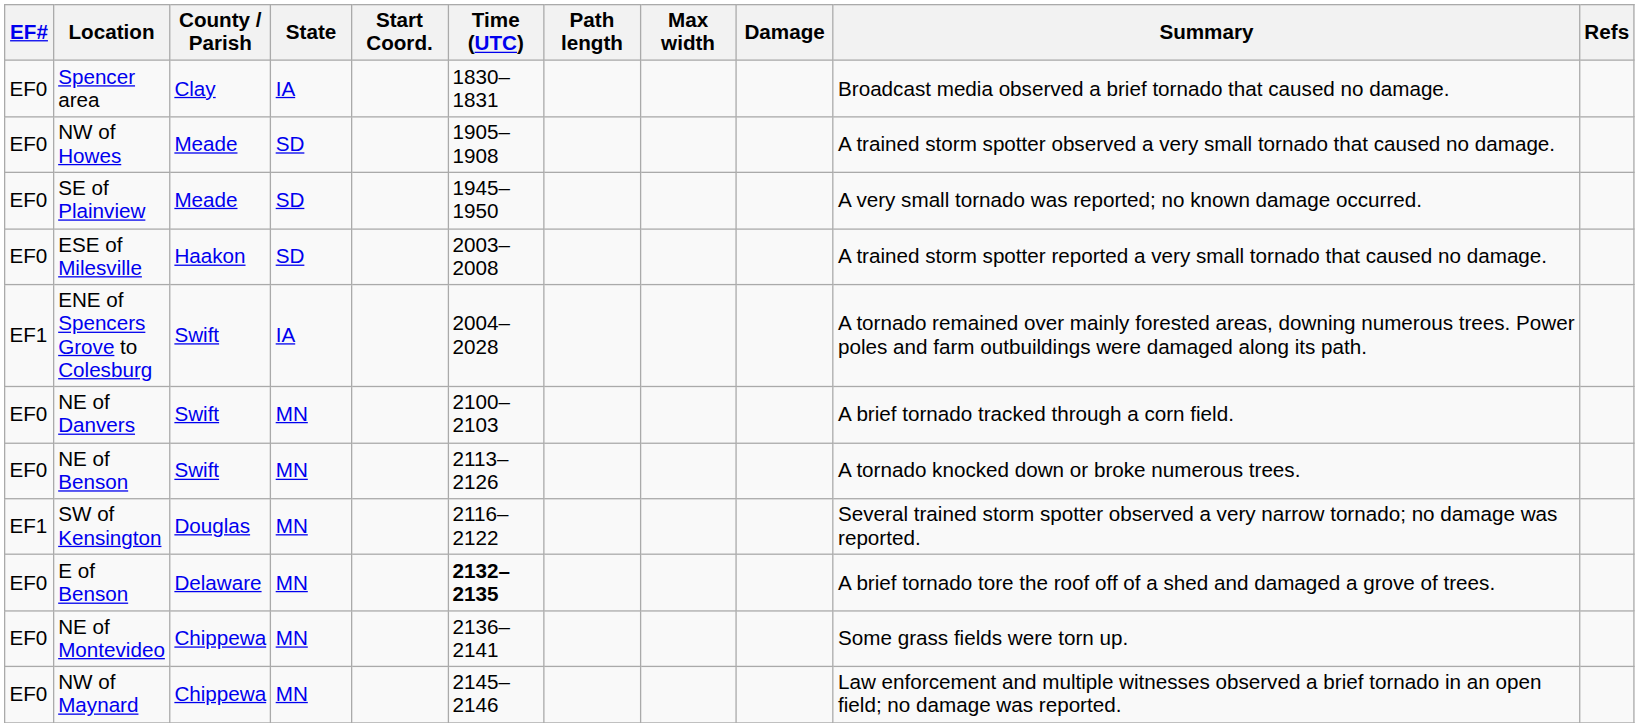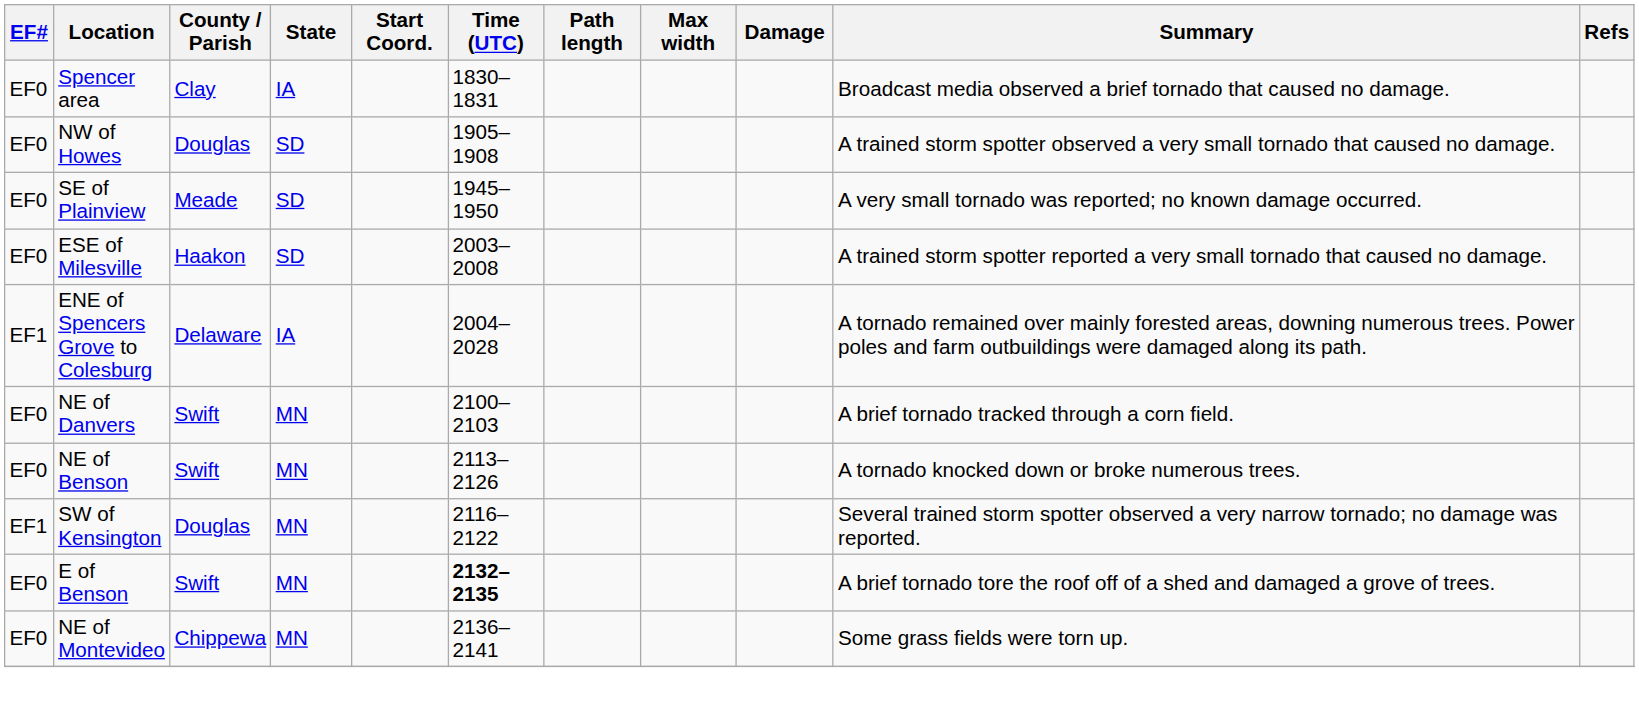 <table class="wikitable sortable" style="width:100%;">
 <tr>
 <th scope="col" width="3%" align="center"><a href='#'>EF#</a></th>
 <th scope="col" width="7%" align="center" class="unsortable">Location</th>
 <th scope="col" width="6%" align="center" class="unsortable">County / Parish</th>
 <th scope="col" width="5%" align="center">State</th>
 <th scope="col" width="6%" align="center">Start Coord.</th>
 <th scope="col" width="6%" align="center">Time (<a href='#'>UTC</a>)</th>
 <th scope="col" width="6%" align="center">Path length</th>
 <th scope="col" width="6%" align="center">Max width</th>
 <th scope="col" width="6%" align="center">Damage</th>
 <th scope="col" width="48%" class="unsortable" align="center">Summary</th>
 <th scope="col" width="48%" class="unsortable" align="center">Refs</th>
 </tr>
 <tr>
 <td>EF0</td>
 <td><a href='#'>Spencer</a> area</td>
 <td><a href='#'>Clay</a></td>
 <td><a href='#'>IA</a></td>
 <td></td>
 <td>1830–1831</td>
 <td></td>
 <td></td>
 <td></td>
 <td>Broadcast media observed a brief tornado that caused no damage.</td>
 <td></td>
 </tr>
 <tr>
 <td>EF0</td>
 <td>NW of <a href='#'>Howes</a></td>
-<td><a href='#'>Meade</a></td>
+<td><a href='#'>Douglas</a></td>
 <td><a href='#'>SD</a></td>
 <td></td>
 <td>1905–1908</td>
 <td></td>
 <td></td>
 <td></td>
 <td>A trained storm spotter observed a very small tornado that caused no damage.</td>
 <td></td>
 </tr>
 <tr>
 <td>EF0</td>
 <td>SE of <a href='#'>Plainview</a></td>
 <td><a href='#'>Meade</a></td>
 <td><a href='#'>SD</a></td>
 <td></td>
 <td>1945–1950</td>
 <td></td>
 <td></td>
 <td></td>
 <td>A very small tornado was reported; no known damage occurred.</td>
 <td></td>
 </tr>
 <tr>
 <td>EF0</td>
 <td>ESE of <a href='#'>Milesville</a></td>
 <td><a href='#'>Haakon</a></td>
 <td><a href='#'>SD</a></td>
 <td></td>
 <td>2003–2008</td>
 <td></td>
 <td></td>
 <td></td>
 <td>A trained storm spotter reported a very small tornado that caused no damage.</td>
 <td></td>
 </tr>
 <tr>
 <td>EF1</td>
 <td>ENE of <a href='#'>Spencers Grove</a> to <a href='#'>Colesburg</a></td>
-<td><a href='#'>Swift</a></td>
+<td><a href='#'>Delaware</a></td>
 <td><a href='#'>IA</a></td>
 <td></td>
 <td>2004–2028</td>
 <td></td>
 <td></td>
 <td></td>
 <td>A tornado remained over mainly forested areas, downing numerous trees. Power poles and farm outbuildings were damaged along its path.</td>
 <td></td>
 </tr>
 <tr>
 <td>EF0</td>
 <td>NE of <a href='#'>Danvers</a></td>
 <td><a href='#'>Swift</a></td>
 <td><a href='#'>MN</a></td>
 <td></td>
 <td>2100–2103</td>
 <td></td>
 <td></td>
 <td></td>
 <td>A brief tornado tracked through a corn field.</td>
 <td></td>
 </tr>
 <tr>
 <td>EF0</td>
 <td>NE of <a href='#'>Benson</a></td>
 <td><a href='#'>Swift</a></td>
 <td><a href='#'>MN</a></td>
 <td></td>
 <td>2113–2126</td>
 <td></td>
 <td></td>
 <td></td>
 <td>A tornado knocked down or broke numerous trees.</td>
 <td></td>
 </tr>
 <tr>
 <td>EF1</td>
 <td>SW of <a href='#'>Kensington</a></td>
 <td><a href='#'>Douglas</a></td>
 <td><a href='#'>MN</a></td>
 <td></td>
 <td>2116–2122</td>
 <td></td>
 <td></td>
 <td></td>
 <td>Several trained storm spotter observed a very narrow tornado; no damage was reported.</td>
 <td></td>
 </tr>
 <tr>
 <td>EF0</td>
 <td>E of <a href='#'>Benson</a></td>
-<td><a href='#'>Delaware</a></td>
+<td><a href='#'>Swift</a></td>
 <td><a href='#'>MN</a></td>
 <td></td>
 <td><strong>2132–2135</strong></td>
 <td></td>
 <td></td>
 <td></td>
 <td>A brief tornado tore the roof off of a shed and damaged a grove of trees.</td>
 <td></td>
 </tr>
 <tr>
 <td>EF0</td>
 <td>NE of <a href='#'>Montevideo</a></td>
 <td><a href='#'>Chippewa</a></td>
 <td><a href='#'>MN</a></td>
 <td></td>
 <td>2136–2141</td>
 <td></td>
 <td></td>
 <td></td>
 <td>Some grass fields were torn up.</td>
 <td></td>
 </tr>
 <tr>
-<td>EF0</td>
-<td>NW of <a href='#'>Maynard</a></td>
-<td><a href='#'>Chippewa</a></td>
-<td><a href='#'>MN</a></td>
-<td></td>
-<td>2145–2146</td>
-<td></td>
-<td></td>
-<td></td>
-<td>Law enforcement and multiple witnesses observed a brief tornado in an open field; no damage was reported.</td>
-<td></td>
-</tr>
-<tr>
 </tr>
 </table>
